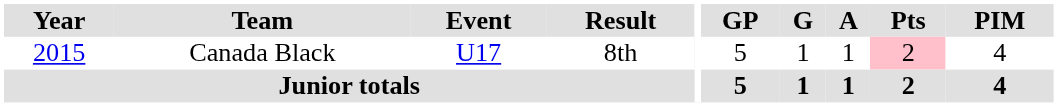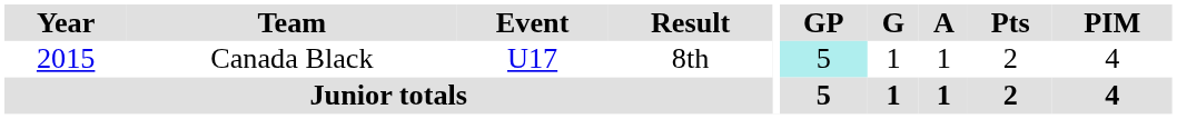 <table border="0" cellpadding="1" cellspacing="0" ID="Table3" style="text-align:center; width:40em">
 <tr bgcolor="#e0e0e0">
 <th>Year</th>
 <th>Team</th>
 <th>Event</th>
 <th>Result</th>
 <th rowspan="99" bgcolor="#ffffff"></th>
 <th>GP</th>
 <th>G</th>
 <th>A</th>
 <th>Pts</th>
 <th>PIM</th>
 </tr>
 <tr>
 <td><a href='#'>2015</a></td>
 <td>Canada Black</td>
 <td><a href='#'>U17</a></td>
 <td>8th</td>
-<td>5</td>
+<td style="background: paleturquoise;">5</td>
 <td>1</td>
 <td>1</td>
-<td style="background: pink;">2</td>
+<td>2</td>
 <td>4</td>
 </tr>
 <tr bgcolor="#e0e0e0">
 <th colspan="4">Junior totals</th>
 <th>5</th>
 <th>1</th>
 <th>1</th>
 <th>2</th>
 <th>4</th>
 </tr>
 </table>
